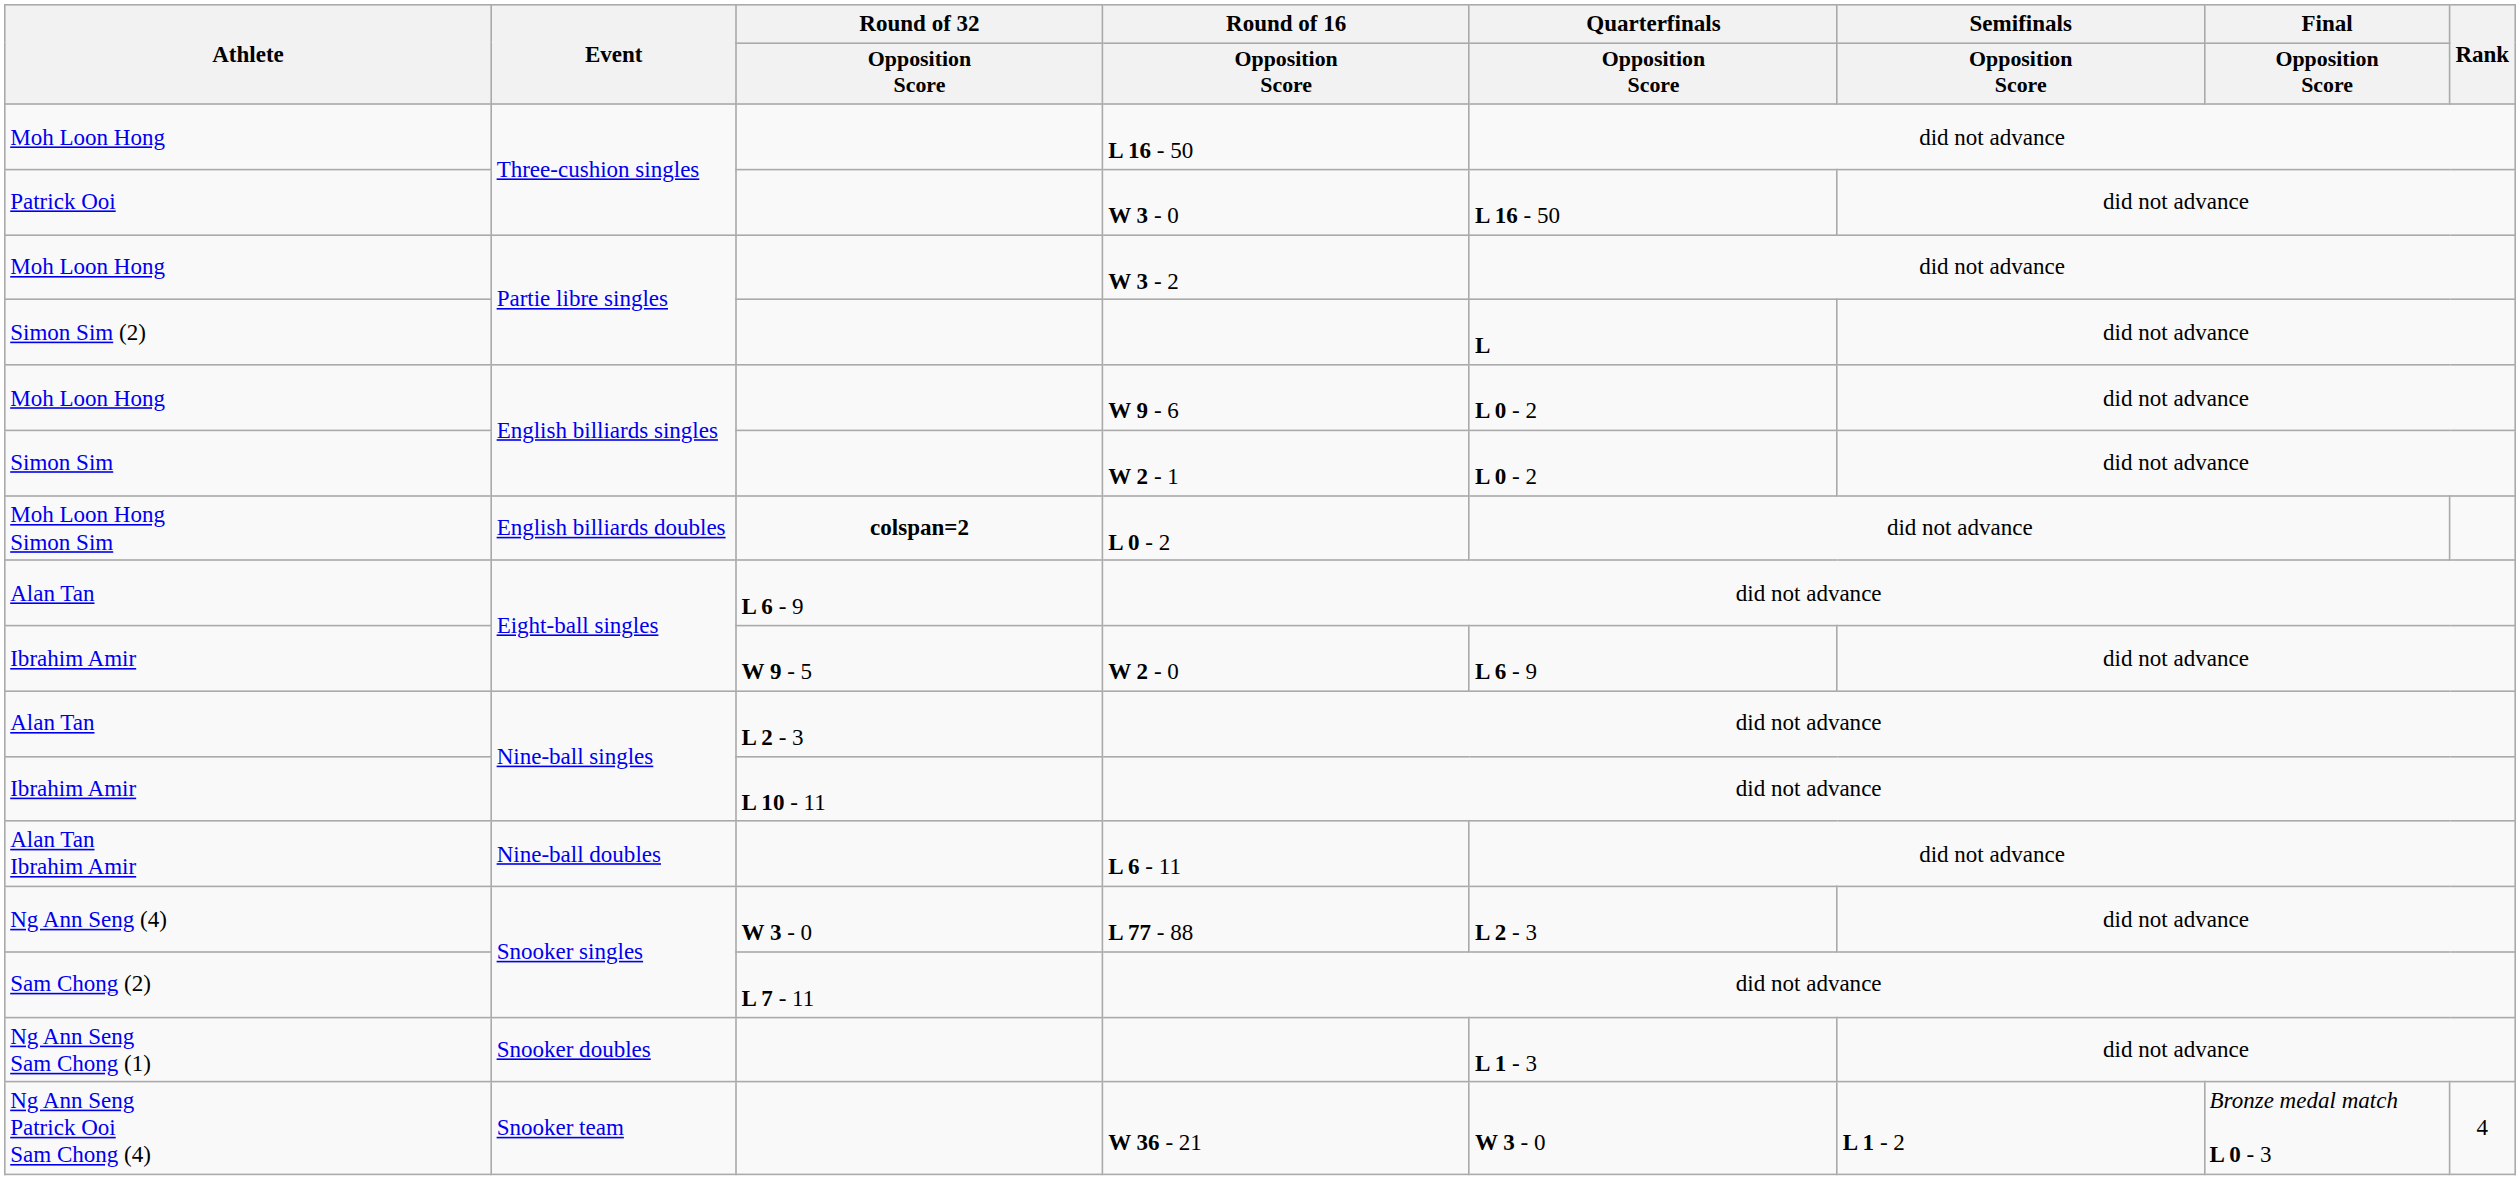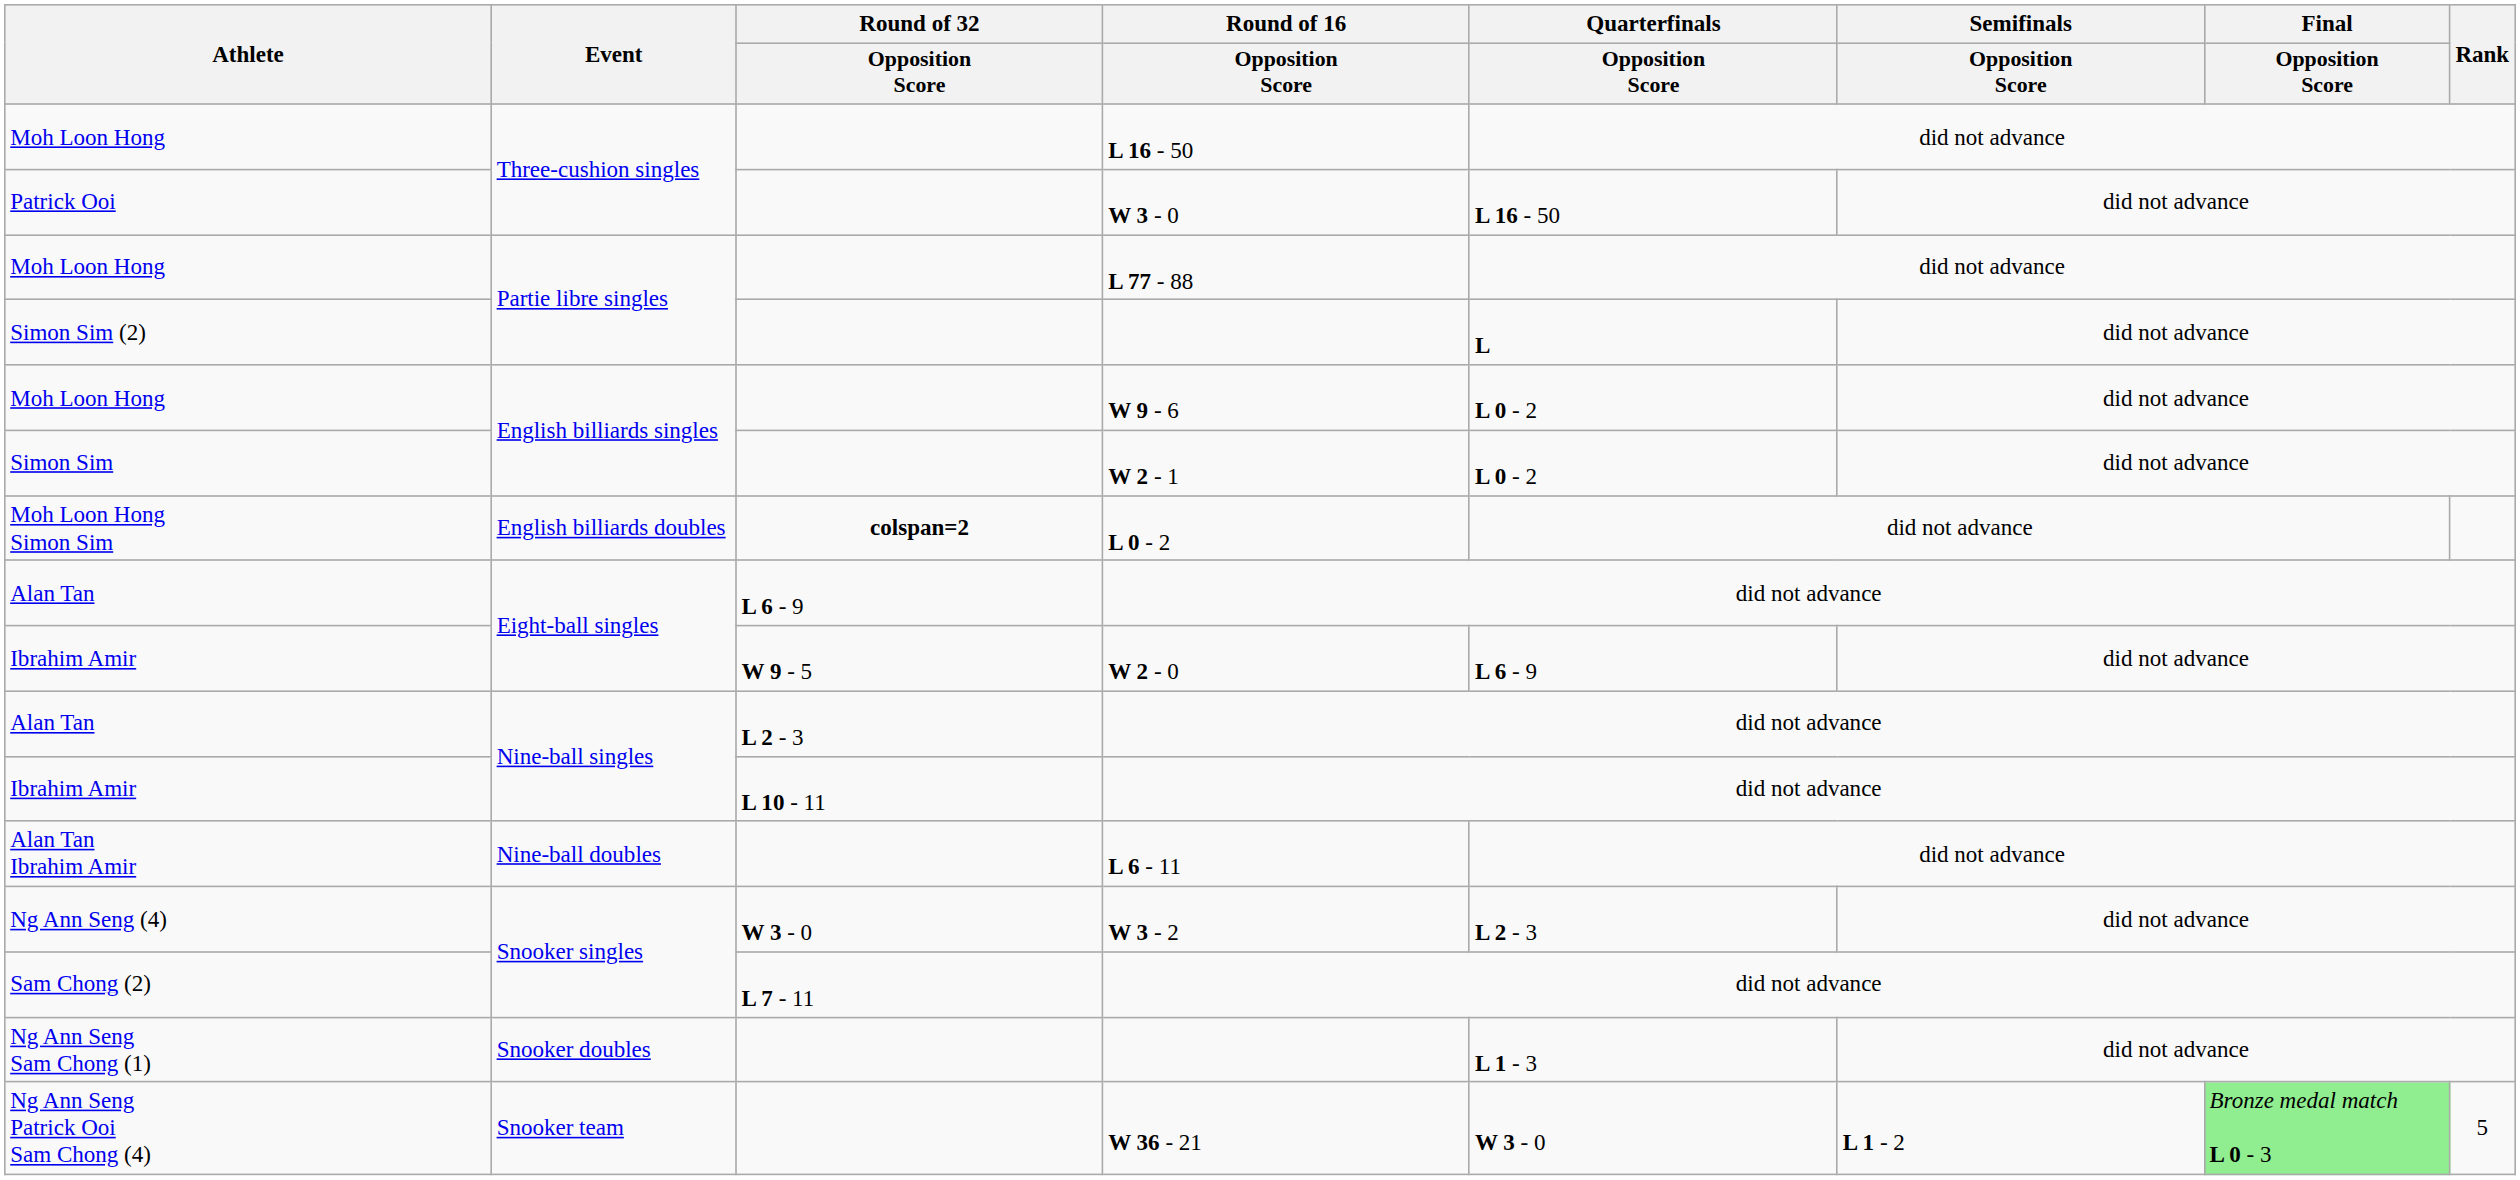 <table class=wikitable style="font-size:90%; text-align:center">
 <tr>
 <th rowspan=2 width="20%">Athlete</th>
 <th rowspan=2 width="10%">Event</th>
 <th width="15%">Round of 32</th>
 <th width="15%">Round of 16</th>
 <th width="15%">Quarterfinals</th>
 <th width="15%">Semifinals</th>
 <th width="15%">Final</th>
 <th rowspan=2>Rank</th>
 </tr>
 <tr style="font-size:95%;">
 <th>Opposition<br>Score</th>
 <th>Opposition<br>Score</th>
 <th>Opposition<br>Score</th>
 <th>Opposition<br>Score</th>
 <th>Opposition<br>Score</th>
 </tr>
 <tr>
 <td align=left><a href='#'>Moh Loon Hong</a></td>
 <td align=left rowspan=2><a href='#'>Three-cushion singles</a></td>
 <td></td>
 <td align=left><br><strong>L 16</strong> - 50</td>
 <td colspan=4>did not advance</td>
 </tr>
 <tr>
 <td align=left><a href='#'>Patrick Ooi</a></td>
 <td></td>
 <td align=left><br><strong>W 3</strong> - 0</td>
 <td align=left><br><strong>L 16</strong> - 50</td>
 <td colspan=3>did not advance</td>
 </tr>
 <tr>
 <td align=left><a href='#'>Moh Loon Hong</a></td>
 <td align=left rowspan=2><a href='#'>Partie libre singles</a></td>
 <td></td>
-<td align=left><br><strong>W 3</strong> - 2</td>
+<td align=left><br><strong>L 77</strong> - 88</td>
 <td colspan=4>did not advance</td>
 </tr>
 <tr>
 <td align=left><a href='#'>Simon Sim</a> (2)</td>
 <td></td>
 <td></td>
 <td align=left><br><strong>L</strong> </td>
 <td colspan=3>did not advance</td>
 </tr>
 <tr>
 <td align=left><a href='#'>Moh Loon Hong</a></td>
 <td align=left rowspan=2><a href='#'>English billiards singles</a></td>
 <td></td>
 <td align=left><br><strong>W 9</strong> - 6</td>
 <td align=left><br><strong>L 0</strong> - 2</td>
 <td colspan=3>did not advance</td>
 </tr>
 <tr>
 <td align=left><a href='#'>Simon Sim</a></td>
 <td></td>
 <td align=left><br><strong>W 2</strong> - 1</td>
 <td align=left><br><strong>L 0</strong> - 2</td>
 <td colspan=3>did not advance</td>
 </tr>
 <tr>
 <td align=left><a href='#'>Moh Loon Hong</a><br><a href='#'>Simon Sim</a></td>
 <td align=left><a href='#'>English billiards doubles</a></td>
 <td><strong>colspan=2 </strong></td>
 <td align=left><br><strong>L 0</strong> - 2</td>
 <td colspan=3>did not advance</td>
 </tr>
 <tr>
 <td align=left><a href='#'>Alan Tan</a></td>
 <td align=left rowspan=2><a href='#'>Eight-ball singles</a></td>
 <td align=left><br><strong>L 6</strong> - 9</td>
 <td colspan=5>did not advance</td>
 </tr>
 <tr>
 <td align=left><a href='#'>Ibrahim Amir</a></td>
 <td align=left><br><strong>W 9</strong> - 5</td>
 <td align=left><br><strong>W 2</strong> - 0</td>
 <td align=left><br><strong>L 6</strong> - 9</td>
 <td colspan=3>did not advance</td>
 </tr>
 <tr>
 <td align=left><a href='#'>Alan Tan</a></td>
 <td align=left rowspan=2><a href='#'>Nine-ball singles</a></td>
 <td align=left><br><strong>L 2</strong> - 3</td>
 <td colspan=5>did not advance</td>
 </tr>
 <tr>
 <td align=left><a href='#'>Ibrahim Amir</a></td>
 <td align=left><br><strong>L 10</strong> - 11</td>
 <td colspan=5>did not advance</td>
 </tr>
 <tr>
 <td align=left><a href='#'>Alan Tan</a><br><a href='#'>Ibrahim Amir</a></td>
 <td align=left><a href='#'>Nine-ball doubles</a></td>
 <td></td>
 <td align=left><br><strong>L 6</strong> - 11</td>
 <td colspan=4>did not advance</td>
 </tr>
 <tr>
 <td align=left><a href='#'>Ng Ann Seng</a> (4)</td>
 <td align=left rowspan=2><a href='#'>Snooker singles</a></td>
 <td align=left><br><strong>W 3</strong> - 0</td>
-<td align=left><br><strong>L 77</strong> - 88</td>
+<td align=left><br><strong>W 3</strong> - 2</td>
 <td align=left><br><strong>L 2</strong> - 3</td>
 <td colspan=3>did not advance</td>
 </tr>
 <tr>
 <td align=left><a href='#'>Sam Chong</a> (2)</td>
 <td align=left><br><strong>L 7</strong> - 11</td>
 <td colspan=5>did not advance</td>
 </tr>
 <tr>
 <td align=left><a href='#'>Ng Ann Seng</a><br><a href='#'>Sam Chong</a> (1)</td>
 <td align=left><a href='#'>Snooker doubles</a></td>
 <td></td>
 <td></td>
 <td align=left><br><strong>L 1</strong> - 3</td>
 <td colspan=3>did not advance</td>
 </tr>
 <tr>
 <td align=left><a href='#'>Ng Ann Seng</a><br><a href='#'>Patrick Ooi</a><br><a href='#'>Sam Chong</a> (4)</td>
 <td align=left><a href='#'>Snooker team</a></td>
 <td></td>
 <td align=left><br><strong>W 36</strong> - 21</td>
 <td align=left><br><strong>W 3</strong> - 0</td>
 <td align=left><br><strong>L 1</strong> - 2</td>
-<td align=left><em>Bronze medal match</em><br><br><strong>L 0</strong> - 3</td>
-<td>4</td>
+<td align=left style="background: lightgreen;"><em>Bronze medal match</em><br><br><strong>L 0</strong> - 3</td>
+<td>5</td>
 </tr>
 </table>
